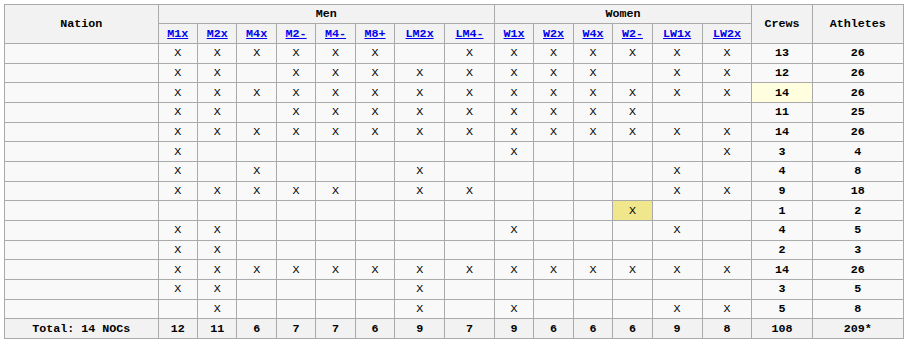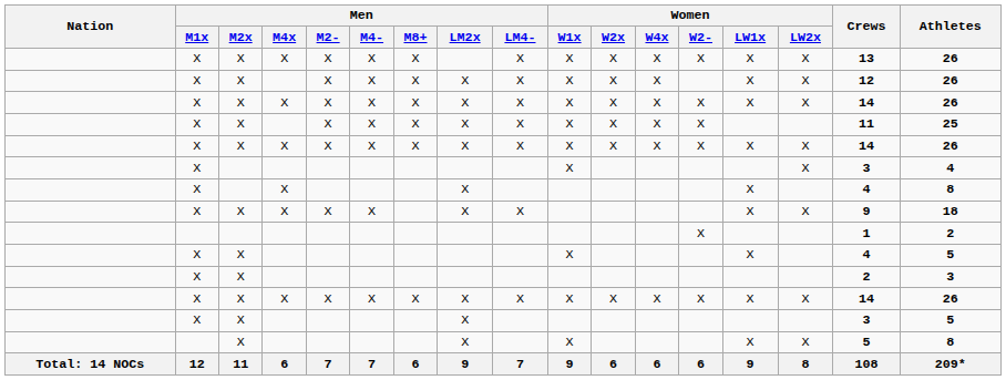 <table class="wikitable" width=900 style="text-align:center; font-size:90%">
 <tr>
 <th rowspan="2" align="left">Nation</th>
 <th colspan="8">Men</th>
 <th colspan="6">Women</th>
 <th rowspan="2">Crews</th>
 <th rowspan=2>Athletes</th>
 </tr>
 <tr>
 <th><a href='#'>M1x</a></th>
 <th><a href='#'>M2x</a></th>
 <th><a href='#'>M4x</a></th>
 <th><a href='#'>M2-</a></th>
 <th><a href='#'>M4-</a></th>
 <th><a href='#'>M8+</a></th>
 <th><a href='#'>LM2x</a></th>
 <th><a href='#'>LM4-</a></th>
 <th><a href='#'>W1x</a></th>
 <th><a href='#'>W2x</a></th>
 <th><a href='#'>W4x</a></th>
 <th><a href='#'>W2-</a></th>
 <th><a href='#'>LW1x</a></th>
 <th><a href='#'>LW2x</a></th>
 </tr>
 <tr>
 <td style="text-align:left;"></td>
 <td>X</td>
 <td>X</td>
 <td>X</td>
 <td>X</td>
 <td>X</td>
 <td>X</td>
 <td></td>
 <td>X</td>
 <td>X</td>
 <td>X</td>
 <td>X</td>
 <td>X</td>
 <td>X</td>
 <td>X</td>
 <td><strong>13</strong></td>
 <td><strong>26</strong></td>
 </tr>
 <tr>
 <td style="text-align:left;"></td>
 <td>X</td>
 <td>X</td>
 <td></td>
 <td>X</td>
 <td>X</td>
 <td>X</td>
 <td>X</td>
 <td>X</td>
 <td>X</td>
 <td>X</td>
 <td>X</td>
 <td></td>
 <td>X</td>
 <td>X</td>
 <td><strong>12</strong></td>
 <td><strong>26</strong></td>
 </tr>
 <tr>
 <td style="text-align:left;"></td>
 <td>X</td>
 <td>X</td>
 <td>X</td>
 <td>X</td>
 <td>X</td>
 <td>X</td>
 <td>X</td>
 <td>X</td>
 <td>X</td>
 <td>X</td>
 <td>X</td>
 <td>X</td>
 <td>X</td>
 <td>X</td>
-<td style="background: lightyellow;"><strong>14</strong></td>
+<td><strong>14</strong></td>
 <td><strong>26</strong></td>
 </tr>
 <tr>
 <td style="text-align:left;"></td>
 <td>X</td>
 <td>X</td>
 <td></td>
 <td>X</td>
 <td>X</td>
 <td>X</td>
 <td>X</td>
 <td>X</td>
 <td>X</td>
 <td>X</td>
 <td>X</td>
 <td>X</td>
 <td></td>
 <td></td>
 <td><strong>11</strong></td>
 <td><strong>25</strong></td>
 </tr>
 <tr>
 <td style="text-align:left;"></td>
 <td>X</td>
 <td>X</td>
 <td>X</td>
 <td>X</td>
 <td>X</td>
 <td>X</td>
 <td>X</td>
 <td>X</td>
 <td>X</td>
 <td>X</td>
 <td>X</td>
 <td>X</td>
 <td>X</td>
 <td>X</td>
 <td><strong>14</strong></td>
 <td><strong>26</strong></td>
 </tr>
 <tr>
 <td style="text-align:left;"></td>
 <td>X</td>
 <td></td>
 <td></td>
 <td></td>
 <td></td>
 <td></td>
 <td></td>
 <td></td>
 <td>X</td>
 <td></td>
 <td></td>
 <td></td>
 <td></td>
 <td>X</td>
 <td><strong>3</strong></td>
 <td><strong>4</strong></td>
 </tr>
 <tr>
 <td style="text-align:left;"></td>
 <td>X</td>
 <td></td>
 <td>X</td>
 <td></td>
 <td></td>
 <td></td>
 <td>X</td>
 <td></td>
 <td></td>
 <td></td>
 <td></td>
 <td></td>
 <td>X</td>
 <td></td>
 <td><strong>4</strong></td>
 <td><strong>8</strong></td>
 </tr>
 <tr>
 <td style="text-align:left;"></td>
 <td>X</td>
 <td>X</td>
 <td>X</td>
 <td>X</td>
 <td>X</td>
 <td></td>
 <td>X</td>
 <td>X</td>
 <td></td>
 <td></td>
 <td></td>
 <td></td>
 <td>X</td>
 <td>X</td>
 <td><strong>9</strong></td>
 <td><strong>18</strong></td>
 </tr>
 <tr>
 <td style="text-align:left;"></td>
 <td></td>
 <td></td>
 <td></td>
 <td></td>
 <td></td>
 <td></td>
 <td></td>
 <td></td>
 <td></td>
 <td></td>
 <td></td>
-<td style="background: khaki;">X</td>
+<td>X</td>
 <td></td>
 <td></td>
 <td><strong>1</strong></td>
 <td><strong>2</strong></td>
 </tr>
 <tr>
 <td style="text-align:left;"></td>
 <td>X</td>
 <td>X</td>
 <td></td>
 <td></td>
 <td></td>
 <td></td>
 <td></td>
 <td></td>
 <td>X</td>
 <td></td>
 <td></td>
 <td></td>
 <td>X</td>
 <td></td>
 <td><strong>4</strong></td>
 <td><strong>5</strong></td>
 </tr>
 <tr>
 <td style="text-align:left;"></td>
 <td>X</td>
 <td>X</td>
 <td></td>
 <td></td>
 <td></td>
 <td></td>
 <td></td>
 <td></td>
 <td></td>
 <td></td>
 <td></td>
 <td></td>
 <td></td>
 <td></td>
 <td><strong>2</strong></td>
 <td><strong>3</strong></td>
 </tr>
 <tr>
 <td style="text-align:left;"></td>
 <td>X</td>
 <td>X</td>
 <td>X</td>
 <td>X</td>
 <td>X</td>
 <td>X</td>
 <td>X</td>
 <td>X</td>
 <td>X</td>
 <td>X</td>
 <td>X</td>
 <td>X</td>
 <td>X</td>
 <td>X</td>
 <td><strong>14</strong></td>
 <td><strong>26</strong></td>
 </tr>
 <tr>
 <td style="text-align:left;"></td>
 <td>X</td>
 <td>X</td>
 <td></td>
 <td></td>
 <td></td>
 <td></td>
 <td>X</td>
 <td></td>
 <td></td>
 <td></td>
 <td></td>
 <td></td>
 <td></td>
 <td></td>
 <td><strong>3</strong></td>
 <td><strong>5</strong></td>
 </tr>
 <tr>
 <td style="text-align:left;"></td>
 <td></td>
 <td>X</td>
 <td></td>
 <td></td>
 <td></td>
 <td></td>
 <td>X</td>
 <td></td>
 <td>X</td>
 <td></td>
 <td></td>
 <td></td>
 <td>X</td>
 <td>X</td>
 <td><strong>5</strong></td>
 <td><strong>8</strong></td>
 </tr>
 <tr>
 <th>Total: 14 NOCs</th>
 <th>12</th>
 <th>11</th>
 <th>6</th>
 <th>7</th>
 <th>7</th>
 <th>6</th>
 <th>9</th>
 <th>7</th>
 <th>9</th>
 <th>6</th>
 <th>6</th>
 <th>6</th>
 <th>9</th>
 <th>8</th>
 <th>108</th>
 <th>209*</th>
 </tr>
 </table>
